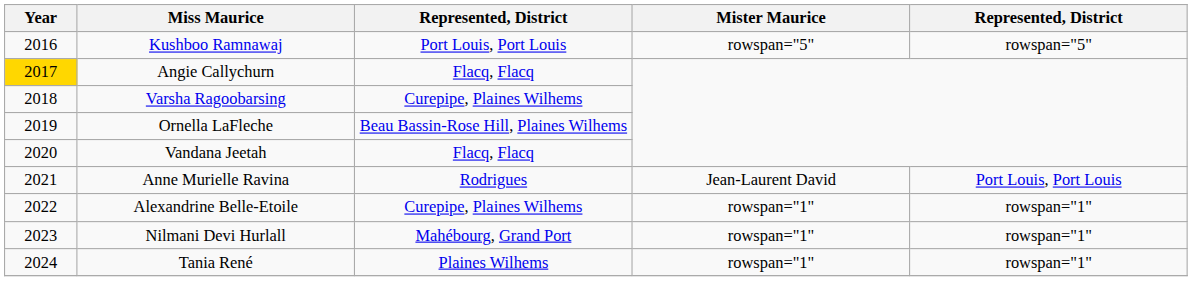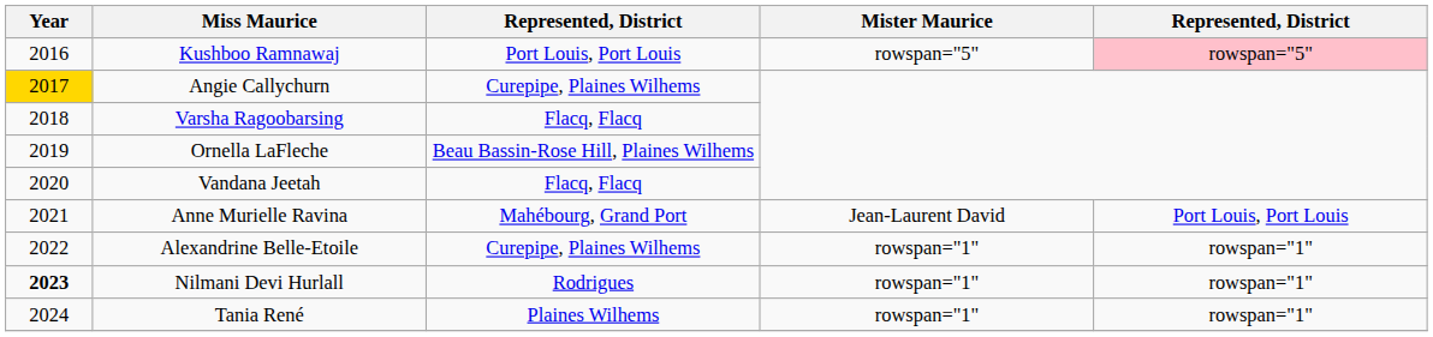 <table class="wikitable sortable" style="font-size: 95%; text-align:center">
 <tr>
 <th width="60">Year</th>
 <th width="250">Miss Maurice</th>
 <th width="250">Represented, District</th>
 <th width="250">Mister Maurice</th>
 <th width="250">Represented, District</th>
 </tr>
 <tr>
 <td>2016</td>
 <td><a href='#'>Kushboo Ramnawaj</a></td>
 <td><a href='#'>Port Louis</a>, <a href='#'>Port Louis</a></td>
 <td>rowspan="5" </td>
-<td>rowspan="5" </td>
+<td style="background: pink;">rowspan="5" </td>
 </tr>
 <tr>
 <td style="background: gold;">2017</td>
 <td>Angie Callychurn</td>
-<td><a href='#'>Flacq</a>, <a href='#'>Flacq</a></td>
+<td><a href='#'>Curepipe</a>, <a href='#'>Plaines Wilhems</a></td>
 </tr>
 <tr>
 <td>2018</td>
 <td><a href='#'>Varsha Ragoobarsing</a></td>
-<td><a href='#'>Curepipe</a>, <a href='#'>Plaines Wilhems</a></td>
+<td><a href='#'>Flacq</a>, <a href='#'>Flacq</a></td>
 </tr>
 <tr>
 <td>2019</td>
 <td>Ornella LaFleche</td>
 <td><a href='#'>Beau Bassin-Rose Hill</a>, <a href='#'>Plaines Wilhems</a></td>
 </tr>
 <tr>
 <td>2020</td>
 <td>Vandana Jeetah</td>
 <td><a href='#'>Flacq</a>, <a href='#'>Flacq</a></td>
 </tr>
 <tr>
 <td>2021</td>
 <td>Anne Murielle Ravina</td>
-<td><a href='#'>Rodrigues</a></td>
+<td><a href='#'>Mahébourg</a>, <a href='#'>Grand Port</a></td>
 <td>Jean-Laurent David</td>
 <td><a href='#'>Port Louis</a>, <a href='#'>Port Louis</a></td>
 </tr>
 <tr>
 <td>2022</td>
 <td>Alexandrine Belle-Etoile</td>
 <td><a href='#'>Curepipe</a>, <a href='#'>Plaines Wilhems</a></td>
 <td>rowspan="1" </td>
 <td>rowspan="1" </td>
 </tr>
 <tr>
-<td>2023</td>
+<td><strong>2023</strong></td>
 <td>Nilmani Devi Hurlall</td>
-<td><a href='#'>Mahébourg</a>, <a href='#'>Grand Port</a></td>
+<td><a href='#'>Rodrigues</a></td>
 <td>rowspan="1" </td>
 <td>rowspan="1" </td>
 </tr>
 <tr>
 <td>2024</td>
 <td>Tania René</td>
 <td><a href='#'>Plaines Wilhems</a></td>
 <td>rowspan="1" </td>
 <td>rowspan="1" </td>
 </tr>
 <tr>
 </tr>
 </table>
